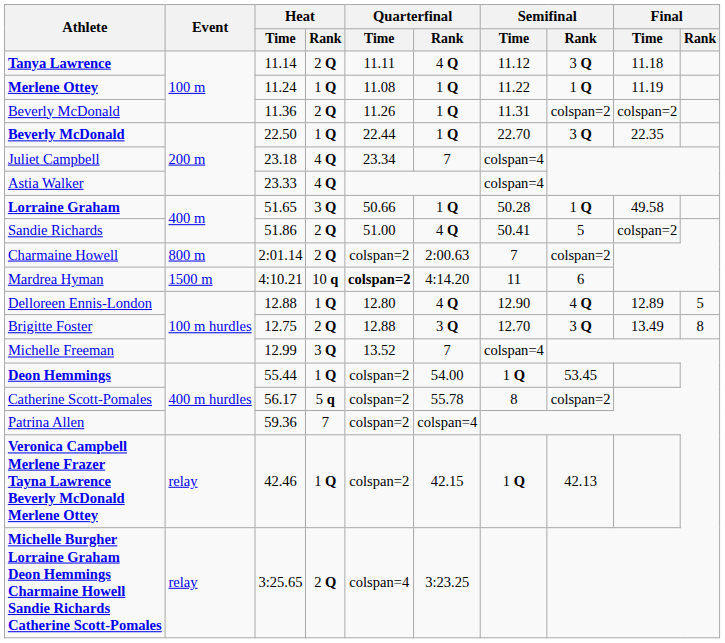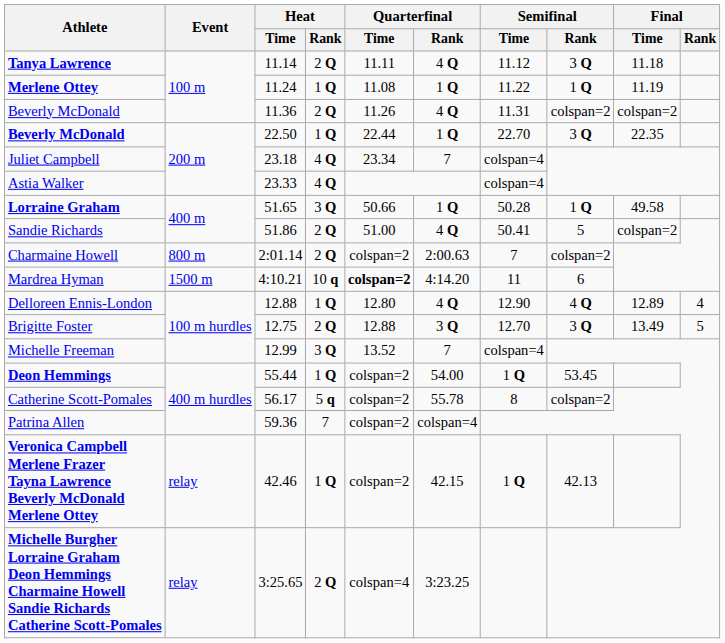 <table class=wikitable style=font-size:90%;text-align:center>
 <tr>
 <th rowspan=2>Athlete</th>
 <th rowspan=2>Event</th>
 <th colspan=2>Heat</th>
 <th colspan=2>Quarterfinal</th>
 <th colspan=2>Semifinal</th>
 <th colspan=2>Final</th>
 </tr>
 <tr style=font-size:95%>
 <th>Time</th>
 <th>Rank</th>
 <th>Time</th>
 <th>Rank</th>
 <th>Time</th>
 <th>Rank</th>
 <th>Time</th>
 <th>Rank</th>
 </tr>
 <tr>
 <td align=left><strong><a href='#'>Tanya Lawrence</a></strong></td>
 <td align=left rowspan=3><a href='#'>100 m</a></td>
 <td>11.14</td>
 <td>2 <strong>Q</strong></td>
 <td>11.11</td>
 <td>4 <strong>Q</strong></td>
 <td>11.12</td>
 <td>3 <strong>Q</strong></td>
 <td>11.18</td>
 <td></td>
 </tr>
 <tr>
 <td align=left><strong><a href='#'>Merlene Ottey</a></strong></td>
 <td>11.24</td>
 <td>1 <strong>Q</strong></td>
 <td>11.08</td>
 <td>1 <strong>Q</strong></td>
 <td>11.22</td>
 <td>1 <strong>Q</strong></td>
 <td>11.19</td>
 <td></td>
 </tr>
 <tr>
 <td align=left><a href='#'>Beverly McDonald</a></td>
 <td>11.36</td>
 <td>2 <strong>Q</strong></td>
 <td>11.26</td>
-<td>1  <strong>Q</strong></td>
+<td>4 <strong>Q</strong></td>
 <td>11.31</td>
 <td>colspan=2 </td>
 <td>colspan=2 </td>
 </tr>
 <tr>
 <td align=left><strong><a href='#'>Beverly McDonald</a></strong></td>
 <td align=left rowspan=3><a href='#'>200 m</a></td>
 <td>22.50</td>
 <td>1 <strong>Q</strong></td>
 <td>22.44</td>
 <td>1  <strong>Q</strong></td>
 <td>22.70</td>
 <td>3  <strong>Q</strong></td>
 <td>22.35</td>
 <td></td>
 </tr>
 <tr>
 <td align=left><a href='#'>Juliet Campbell</a></td>
 <td>23.18</td>
 <td>4 <strong>Q</strong></td>
 <td>23.34</td>
 <td>7</td>
 <td>colspan=4 </td>
 </tr>
 <tr>
 <td align=left><a href='#'>Astia Walker</a></td>
 <td>23.33</td>
 <td>4  <strong>Q</strong></td>
 <td colspan=2></td>
 <td>colspan=4 </td>
 </tr>
 <tr>
 <td align=left><strong><a href='#'>Lorraine Graham</a></strong></td>
 <td align=left rowspan=2><a href='#'>400 m</a></td>
 <td>51.65</td>
 <td>3 <strong>Q</strong></td>
 <td>50.66</td>
 <td>1 <strong>Q</strong></td>
 <td>50.28</td>
 <td>1 <strong>Q</strong></td>
 <td>49.58</td>
 <td></td>
 </tr>
 <tr>
 <td align=left><a href='#'>Sandie Richards</a></td>
 <td>51.86</td>
 <td>2 <strong>Q</strong></td>
 <td>51.00</td>
 <td>4 <strong>Q</strong></td>
 <td>50.41</td>
 <td>5</td>
 <td>colspan=2 </td>
 </tr>
 <tr>
 <td align=left><a href='#'>Charmaine Howell</a></td>
 <td align=left rowspan=1><a href='#'>800 m</a></td>
 <td>2:01.14</td>
 <td>2 <strong>Q</strong></td>
 <td>colspan=2 </td>
 <td>2:00.63</td>
 <td>7</td>
 <td>colspan=2 </td>
 </tr>
 <tr>
 <td align=left><a href='#'>Mardrea Hyman</a></td>
 <td align=left rowspan=1><a href='#'>1500 m</a></td>
 <td>4:10.21</td>
 <td>10 <strong>q</strong></td>
 <td><strong>colspan=2 </strong></td>
 <td>4:14.20</td>
 <td>11</td>
 <td>6</td>
 </tr>
 <tr>
 <td align=left><a href='#'>Delloreen Ennis-London</a></td>
 <td align=left rowspan=3><a href='#'>100 m hurdles</a></td>
 <td>12.88</td>
 <td>1 <strong>Q</strong></td>
 <td>12.80</td>
 <td>4 <strong>Q</strong></td>
 <td>12.90</td>
 <td>4 <strong>Q</strong></td>
 <td>12.89</td>
-<td>5</td>
+<td>4</td>
 </tr>
 <tr>
 <td align=left><a href='#'>Brigitte Foster</a></td>
 <td>12.75</td>
 <td>2 <strong>Q</strong></td>
 <td>12.88</td>
 <td>3 <strong>Q</strong></td>
 <td>12.70</td>
 <td>3 <strong>Q</strong></td>
 <td>13.49</td>
-<td>8</td>
+<td>5</td>
 </tr>
 <tr>
 <td align=left><a href='#'>Michelle Freeman</a></td>
 <td>12.99</td>
 <td>3 <strong>Q</strong></td>
 <td>13.52</td>
 <td>7</td>
 <td>colspan=4 </td>
 </tr>
 <tr>
 <td align=left><strong><a href='#'>Deon Hemmings</a></strong></td>
 <td align=left rowspan=3><a href='#'>400 m hurdles</a></td>
 <td>55.44</td>
 <td>1 <strong>Q</strong></td>
 <td>colspan=2 </td>
 <td>54.00</td>
 <td>1 <strong>Q</strong></td>
 <td>53.45</td>
 <td></td>
 </tr>
 <tr>
 <td align=left><a href='#'>Catherine Scott-Pomales</a></td>
 <td>56.17</td>
 <td>5  <strong>q</strong></td>
 <td>colspan=2 </td>
 <td>55.78</td>
 <td>8</td>
 <td>colspan=2 </td>
 </tr>
 <tr>
 <td align=left><a href='#'>Patrina Allen</a></td>
 <td>59.36</td>
 <td>7</td>
 <td>colspan=2 </td>
 <td>colspan=4 </td>
 </tr>
 <tr>
 <td align=left><strong><a href='#'>Veronica Campbell</a><br><a href='#'>Merlene Frazer</a><br> <a href='#'>Tayna Lawrence</a><br><a href='#'>Beverly McDonald</a><br><a href='#'>Merlene Ottey</a></strong></td>
 <td align=left><a href='#'> relay</a></td>
 <td>42.46</td>
 <td>1 <strong>Q</strong></td>
 <td>colspan=2 </td>
 <td>42.15</td>
 <td>1 <strong>Q</strong></td>
 <td>42.13</td>
 <td></td>
 </tr>
 <tr>
 <td align=left><strong><a href='#'>Michelle Burgher</a><br><a href='#'>Lorraine Graham</a><br><a href='#'>Deon Hemmings</a><br><a href='#'>Charmaine Howell</a><br><a href='#'>Sandie Richards</a><br><a href='#'>Catherine Scott-Pomales</a></strong></td>
 <td align=left><a href='#'> relay</a></td>
 <td>3:25.65</td>
 <td>2 <strong>Q</strong></td>
 <td>colspan=4 </td>
 <td>3:23.25</td>
 <td></td>
 </tr>
 </table>
